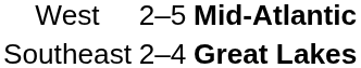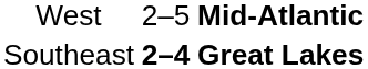 <table>
 <tr>
 <td align=center>West</td>
 <td align=center>2–5</td>
 <td align=center><strong>Mid-Atlantic</strong></td>
 </tr>
 <tr>
 <td align=center>Southeast</td>
-<td align=center>2–4</td>
+<td align=center><strong>2–4</strong></td>
 <td align=center><strong>Great Lakes</strong></td>
 </tr>
 </table>
